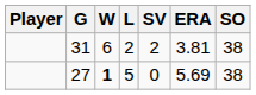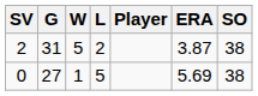 <table class="wikitable sortable" style="text-align:center;">
 <tr>
-<th>Player</th>
+<th>SV</th>
 <th>G</th>
 <th>W</th>
 <th>L</th>
-<th>SV</th>
+<th>Player</th>
 <th>ERA</th>
 <th>SO</th>
 </tr>
 <tr>
+<td>2</td>
+<td>31</td>
+<td>5</td>
+<td>2</td>
 <td></td>
-<td>31</td>
-<td>6</td>
-<td>2</td>
-<td>2</td>
-<td>3.81</td>
+<td>3.87</td>
 <td>38</td>
 </tr>
 <tr>
+<td>0</td>
+<td>27</td>
+<td>1</td>
+<td>5</td>
 <td></td>
-<td>27</td>
-<td><strong>1</strong></td>
-<td>5</td>
-<td>0</td>
 <td>5.69</td>
 <td>38</td>
 </tr>
 </table>
